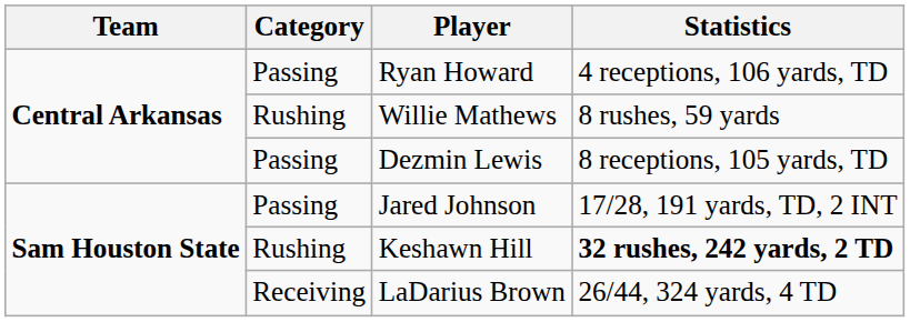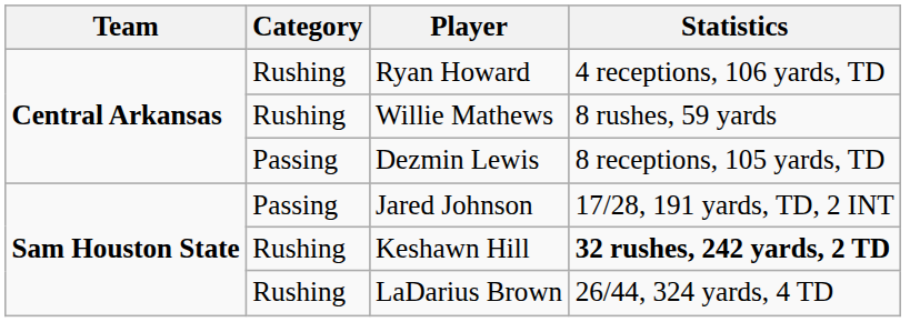 <table class="wikitable" style="float: left;">
 <tr>
 <th>Team</th>
 <th>Category</th>
 <th>Player</th>
 <th>Statistics</th>
 </tr>
 <tr>
 <td rowspan=3><strong>Central Arkansas</strong></td>
-<td>Passing</td>
+<td>Rushing</td>
 <td>Ryan Howard</td>
 <td>4 receptions, 106 yards, TD</td>
 </tr>
 <tr>
 <td>Rushing</td>
 <td>Willie Mathews</td>
 <td>8 rushes, 59 yards</td>
 </tr>
 <tr>
 <td>Passing</td>
 <td>Dezmin Lewis</td>
 <td>8 receptions, 105 yards, TD</td>
 </tr>
 <tr>
 <td rowspan=3><strong>Sam Houston State</strong></td>
 <td>Passing</td>
 <td>Jared Johnson</td>
 <td>17/28, 191 yards, TD, 2 INT</td>
 </tr>
 <tr>
 <td>Rushing</td>
 <td>Keshawn Hill</td>
 <td><strong>32 rushes, 242 yards, 2 TD</strong></td>
 </tr>
 <tr>
-<td>Receiving</td>
+<td>Rushing</td>
 <td>LaDarius Brown</td>
 <td>26/44, 324 yards, 4 TD</td>
 </tr>
 </table>
